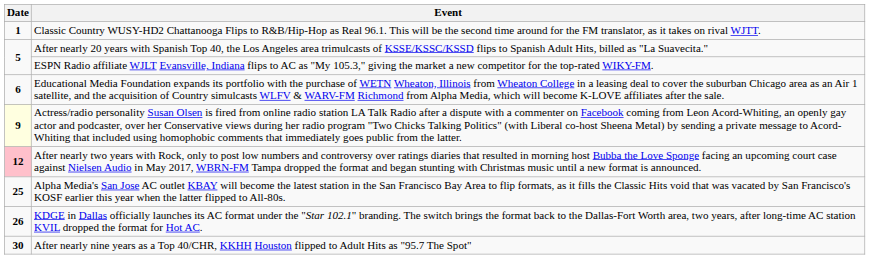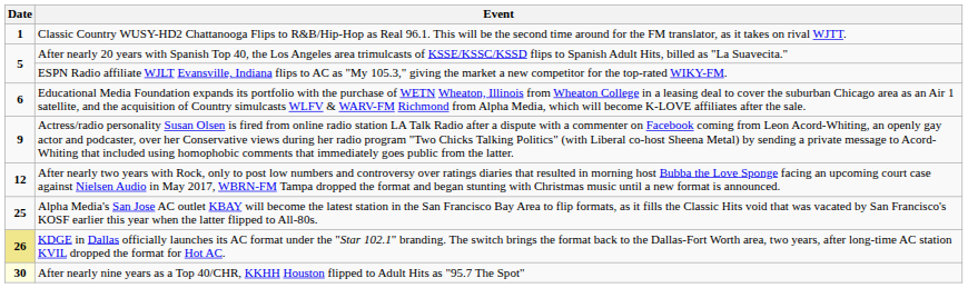 <table class="wikitable">
 <tr>
 <th>Date</th>
 <th>Event</th>
 </tr>
 <tr>
 <td style="text-align:center;"><strong>1</strong></td>
 <td>Classic Country WUSY-HD2 Chattanooga Flips to R&B/Hip-Hop as Real 96.1. This will be the second time around for the FM translator, as it takes on rival <a href='#'>WJTT</a>.</td>
 </tr>
 <tr>
 <td style="text-align:center;" rowspan=2><strong>5</strong></td>
 <td>After nearly 20 years with Spanish Top 40, the Los Angeles area trimulcasts of <a href='#'>KSSE/KSSC/KSSD</a> flips to Spanish Adult Hits, billed as "La Suavecita."</td>
 </tr>
 <tr>
 <td>ESPN Radio affiliate <a href='#'>WJLT</a> <a href='#'>Evansville, Indiana</a> flips to AC as "My 105.3," giving the market a new competitor for the top-rated <a href='#'>WIKY-FM</a>.</td>
 </tr>
 <tr>
 <td style="text-align:center;"><strong>6</strong></td>
 <td>Educational Media Foundation expands its portfolio with the purchase of <a href='#'>WETN</a> <a href='#'>Wheaton, Illinois</a> from <a href='#'>Wheaton College</a> in a leasing deal to cover the suburban Chicago area as an Air 1 satellite, and the acquisition of Country simulcasts <a href='#'>WLFV</a> & <a href='#'>WARV-FM</a> <a href='#'>Richmond</a> from Alpha Media, which will become K-LOVE affiliates after the sale.</td>
 </tr>
 <tr>
-<td style="background: lightyellow; text-align:center;"><strong>9</strong></td>
+<td style="text-align:center;"><strong>9</strong></td>
 <td>Actress/radio personality <a href='#'>Susan Olsen</a> is fired from online radio station LA Talk Radio after a dispute with a commenter on <a href='#'>Facebook</a> coming from Leon Acord-Whiting, an openly gay actor and podcaster, over her Conservative views during her radio program "Two Chicks Talking Politics" (with Liberal co-host Sheena Metal) by sending a private message to Acord-Whiting that included using homophobic comments that immediately goes public from the latter.</td>
 </tr>
 <tr>
-<td style="background: pink; text-align:center;"><strong>12</strong></td>
+<td style="text-align:center;"><strong>12</strong></td>
 <td>After nearly two years with Rock, only to post low numbers and controversy over ratings diaries that resulted in morning host <a href='#'>Bubba the Love Sponge</a> facing an upcoming court case against <a href='#'>Nielsen Audio</a> in May 2017, <a href='#'>WBRN-FM</a> Tampa dropped the format and began stunting with Christmas music until a new format is announced.</td>
 </tr>
 <tr>
 <td style="text-align:center;"><strong>25</strong></td>
 <td>Alpha Media's <a href='#'>San Jose</a> AC outlet <a href='#'>KBAY</a> will become the latest station in the San Francisco Bay Area to flip formats, as it fills the Classic Hits void that was vacated by San Francisco's KOSF earlier this year when the latter flipped to All-80s.</td>
 </tr>
 <tr>
-<td style="text-align:center;"><strong>26</strong></td>
+<td style="background: khaki; text-align:center;"><strong>26</strong></td>
 <td><a href='#'>KDGE</a> in <a href='#'>Dallas</a> officially launches its AC format under the "<em>Star 102.1</em>" branding. The switch brings the format back to the Dallas-Fort Worth area, two years, after long-time AC station <a href='#'>KVIL</a> dropped the format for <a href='#'>Hot AC</a>.</td>
 </tr>
 <tr>
-<td style="text-align:center;"><strong>30</strong></td>
+<td style="background: lightyellow; text-align:center;"><strong>30</strong></td>
 <td>After nearly nine years as a Top 40/CHR, <a href='#'>KKHH</a> <a href='#'>Houston</a> flipped to Adult Hits as "95.7 The Spot"</td>
 </tr>
 </table>
